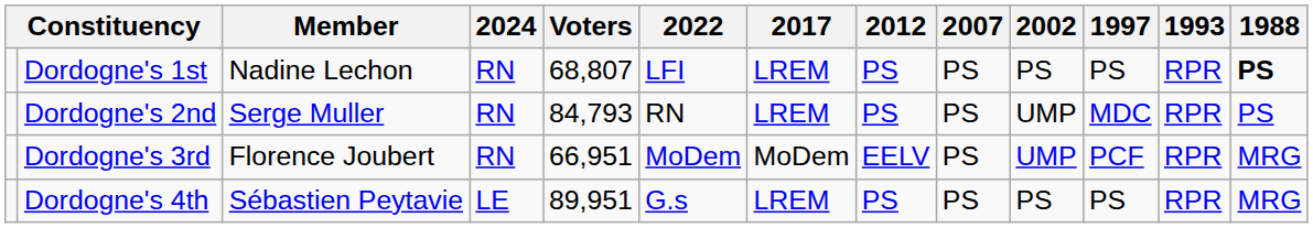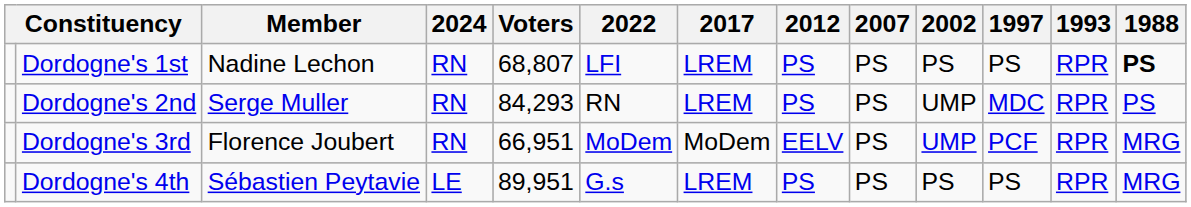 <table class="wikitable sortable">
 <tr>
 <th colspan="2">Constituency</th>
 <th>Member</th>
 <th>2024</th>
 <th>Voters</th>
 <th>2022</th>
 <th>2017</th>
 <th>2012</th>
 <th>2007</th>
 <th>2002</th>
 <th>1997</th>
 <th>1993</th>
 <th>1988</th>
 </tr>
 <tr>
 <td style="background-color: "></td>
 <td><a href='#'>Dordogne's 1st</a></td>
 <td>Nadine Lechon</td>
 <td><a href='#'>RN</a></td>
 <td>68,807</td>
 <td><a href='#'>LFI</a></td>
 <td><a href='#'>LREM</a></td>
 <td bgcolor=><a href='#'>PS</a></td>
 <td bgcolor=>PS</td>
 <td bgcolor=>PS</td>
 <td bgcolor=>PS</td>
 <td bgcolor=><a href='#'>RPR</a></td>
 <td bgcolor=><strong>PS</strong></td>
 </tr>
 <tr>
 <td style="background-color: "></td>
 <td><a href='#'>Dordogne's 2nd</a></td>
 <td><a href='#'>Serge Muller</a></td>
 <td><a href='#'>RN</a></td>
-<td>84,793</td>
+<td>84,293</td>
 <td>RN</td>
 <td><a href='#'>LREM</a></td>
 <td bgcolor=><a href='#'>PS</a></td>
 <td bgcolor=>PS</td>
 <td bgcolor=>UMP</td>
 <td bgcolor=><a href='#'>MDC</a></td>
 <td bgcolor=><a href='#'>RPR</a></td>
 <td bgcolor=><a href='#'>PS</a></td>
 </tr>
 <tr>
 <td style="background-color: "></td>
 <td><a href='#'>Dordogne's 3rd</a></td>
 <td>Florence Joubert</td>
 <td><a href='#'>RN</a></td>
 <td>66,951</td>
 <td><a href='#'>MoDem</a></td>
 <td>MoDem</td>
 <td bgcolor=><a href='#'>EELV</a></td>
 <td bgcolor=>PS</td>
 <td bgcolor=><a href='#'>UMP</a></td>
 <td bgcolor=><a href='#'>PCF</a></td>
 <td bgcolor=><a href='#'>RPR</a></td>
 <td bgcolor=><a href='#'>MRG</a></td>
 </tr>
 <tr>
 <td style="background-color: "></td>
 <td><a href='#'>Dordogne's 4th</a></td>
 <td><a href='#'>Sébastien Peytavie</a></td>
 <td><a href='#'>LE</a></td>
 <td>89,951</td>
 <td><a href='#'>G.s</a></td>
 <td><a href='#'>LREM</a></td>
 <td bgcolor=><a href='#'>PS</a></td>
 <td bgcolor=>PS</td>
 <td bgcolor=>PS</td>
 <td bgcolor=>PS</td>
 <td bgcolor=><a href='#'>RPR</a></td>
 <td bgcolor=><a href='#'>MRG</a></td>
 </tr>
 </table>
